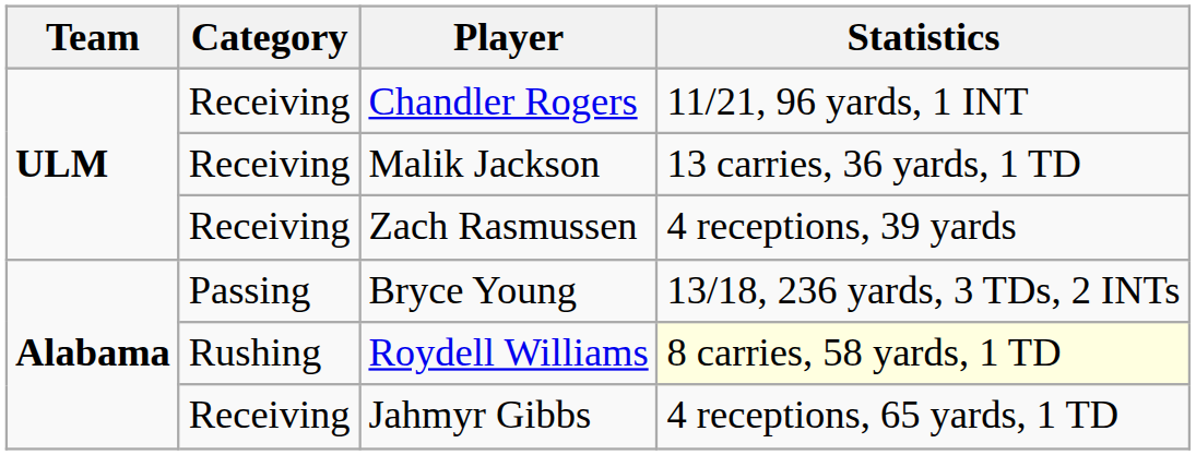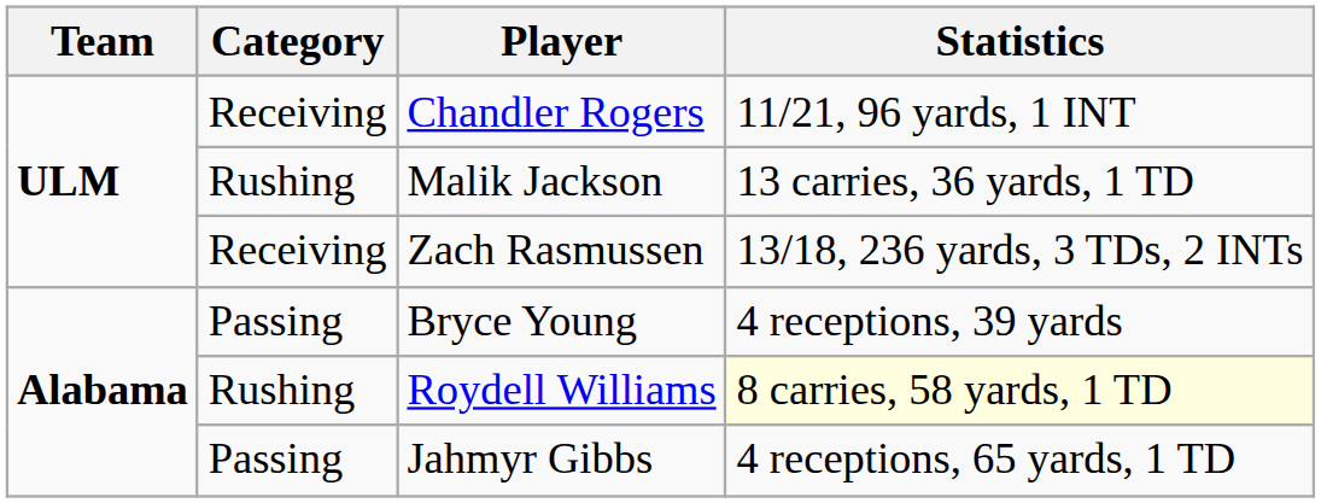 <table class="wikitable" style="float: right;">
 <tr>
 <th>Team</th>
 <th>Category</th>
 <th>Player</th>
 <th>Statistics</th>
 </tr>
 <tr>
 <td rowspan=3><strong>ULM</strong></td>
 <td>Receiving</td>
 <td><a href='#'>Chandler Rogers</a></td>
 <td>11/21, 96 yards, 1 INT</td>
 </tr>
 <tr>
-<td>Receiving</td>
+<td>Rushing</td>
 <td>Malik Jackson</td>
 <td>13 carries, 36 yards, 1 TD</td>
 </tr>
 <tr>
 <td>Receiving</td>
 <td>Zach Rasmussen</td>
-<td>4 receptions, 39 yards</td>
+<td>13/18, 236 yards, 3 TDs, 2 INTs</td>
 </tr>
 <tr>
 <td rowspan=3><strong>Alabama</strong></td>
 <td>Passing</td>
 <td>Bryce Young</td>
-<td>13/18, 236 yards, 3 TDs, 2 INTs</td>
+<td>4 receptions, 39 yards</td>
 </tr>
 <tr>
 <td>Rushing</td>
 <td><a href='#'>Roydell Williams</a></td>
 <td style="background: lightyellow;">8 carries, 58 yards, 1 TD</td>
 </tr>
 <tr>
-<td>Receiving</td>
+<td>Passing</td>
 <td>Jahmyr Gibbs</td>
 <td>4 receptions, 65 yards, 1 TD</td>
 </tr>
 </table>
